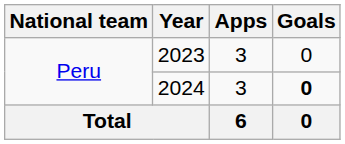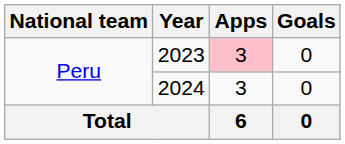 <table class="wikitable" style="text-align:center">
 <tr>
 <th>National team</th>
 <th>Year</th>
 <th>Apps</th>
 <th>Goals</th>
 </tr>
 <tr>
 <td rowspan="2"><a href='#'>Peru</a></td>
 <td>2023</td>
-<td>3</td>
+<td style="background: pink;">3</td>
 <td>0</td>
 </tr>
 <tr>
 <td>2024</td>
 <td>3</td>
-<td><strong>0</strong></td>
+<td>0</td>
 </tr>
 <tr>
 <th colspan="2">Total</th>
 <th>6</th>
 <th>0</th>
 </tr>
 </table>
